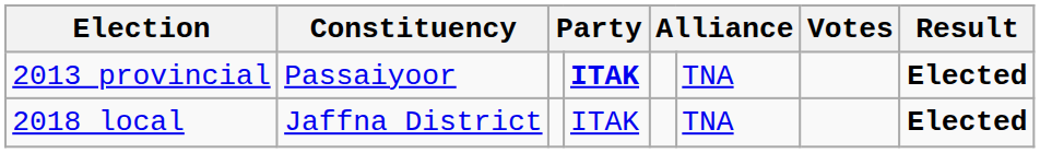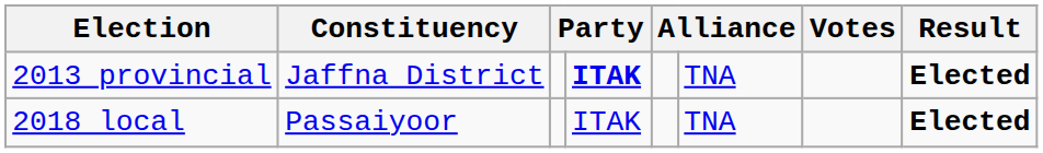 <table class="wikitable" style="text-align:left;">
 <tr>
 <th scope=col>Election</th>
 <th scope=col>Constituency</th>
 <th scope=col colspan="2">Party</th>
 <th scope=col colspan="2">Alliance</th>
 <th scope=col>Votes</th>
 <th scope=col>Result</th>
 </tr>
 <tr>
 <td><a href='#'>2013 provincial</a></td>
-<td><a href='#'>Passaiyoor</a></td>
+<td><a href='#'>Jaffna District</a></td>
 <td style="background:"></td>
 <td><strong><a href='#'>ITAK</a></strong></td>
 <td style="background:"></td>
 <td><a href='#'>TNA</a></td>
 <td align=right></td>
 <td><strong>Elected</strong></td>
 </tr>
 <tr>
 <td><a href='#'>2018 local</a></td>
-<td><a href='#'>Jaffna District</a></td>
+<td><a href='#'>Passaiyoor</a></td>
 <td style="background:"></td>
 <td><a href='#'>ITAK</a></td>
 <td style=background:></td>
 <td><a href='#'>TNA</a></td>
 <td align=right></td>
 <td><strong>Elected</strong></td>
 </tr>
 </table>
